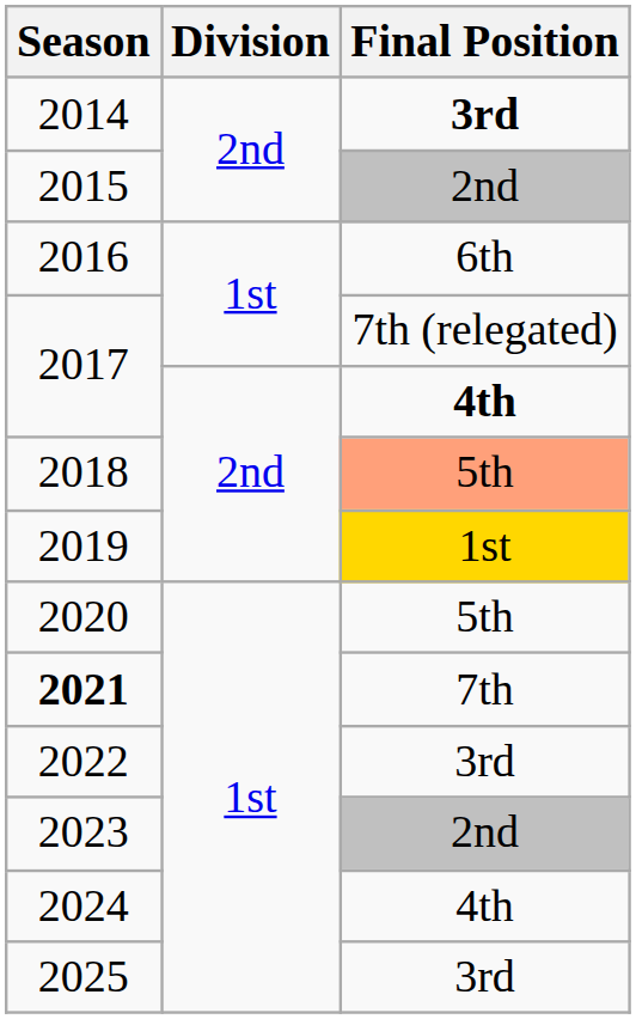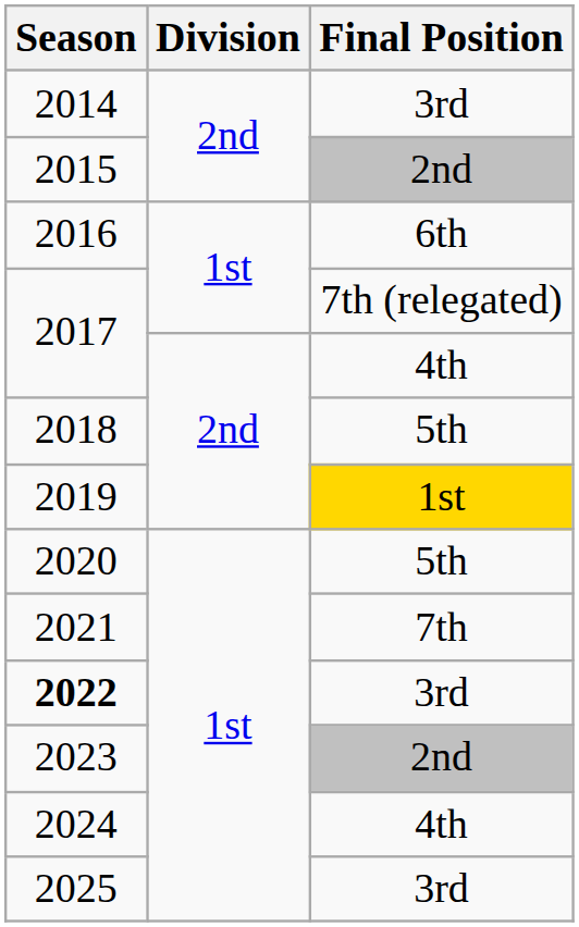 <table class="wikitable sortable">
 <tr>
 <th>Season</th>
 <th>Division</th>
 <th>Final Position</th>
 </tr>
 <tr>
 <td align=center>2014</td>
 <td rowspan=2 align=center><a href='#'>2nd</a></td>
-<td align=center><strong>3rd</strong></td>
+<td align=center>3rd</td>
 </tr>
 <tr>
 <td align=center>2015</td>
 <td align=center style="background:silver;">2nd</td>
 </tr>
 <tr>
 <td align=center>2016</td>
 <td rowspan=2 align=center><a href='#'>1st</a></td>
 <td align=center>6th</td>
 </tr>
 <tr>
 <td rowspan=2 align=center>2017</td>
 <td align=center>7th (relegated)</td>
 </tr>
 <tr>
 <td rowspan=3 align=center><a href='#'>2nd</a></td>
-<td align=center><strong>4th</strong></td>
+<td align=center>4th</td>
 </tr>
 <tr>
 <td align=center>2018</td>
-<td align=center style="background: lightsalmon;">5th</td>
+<td align=center>5th</td>
 </tr>
 <tr>
 <td align=center>2019</td>
 <td align=center style="background:gold;">1st</td>
 </tr>
 <tr>
 <td align=center>2020</td>
 <td rowspan=6 align=center><a href='#'>1st</a></td>
 <td align=center>5th</td>
 </tr>
 <tr>
-<td align=center><strong>2021</strong></td>
+<td align=center>2021</td>
 <td align=center>7th</td>
 </tr>
 <tr>
-<td align=center>2022</td>
+<td align=center><strong>2022</strong></td>
 <td align=center>3rd</td>
 </tr>
 <tr>
 <td align=center>2023</td>
 <td align=center style="background:silver;">2nd</td>
 </tr>
 <tr>
 <td align=center>2024</td>
 <td align=center>4th</td>
 </tr>
 <tr>
 <td align=center>2025</td>
 <td align=center>3rd</td>
 </tr>
 </table>
